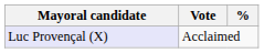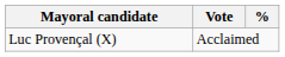 <table class="wikitable">
 <tr>
 <th bgcolor="#DDDDFF" width="200px">Mayoral candidate</th>
 <th bgcolor="#DDDDFF" width="50px">Vote</th>
 <th bgcolor="#DDDDFF"  width="30px">%</th>
 </tr>
 <tr>
-<td style="background: lavender;">Luc Provençal  (X)</td>
+<td>Luc Provençal  (X)</td>
 <td colspan="2">Acclaimed</td>
 </tr>
 </table>
